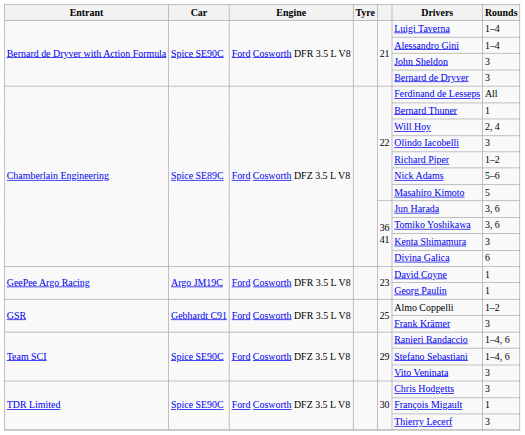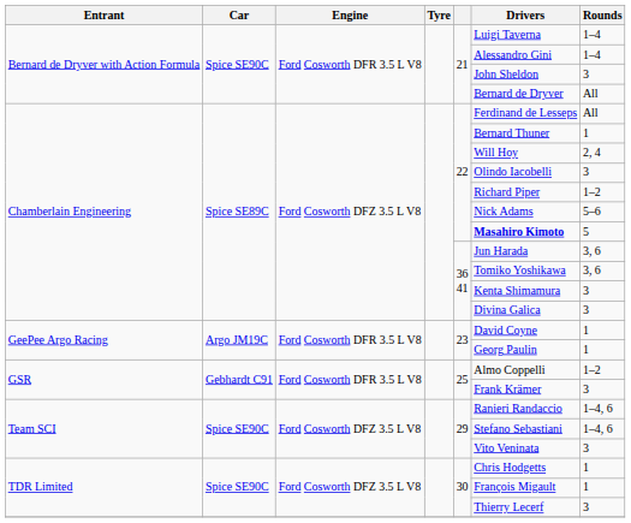 <table class="wikitable" style="font-size: 85%">
 <tr>
 <th>Entrant</th>
 <th>Car</th>
 <th>Engine</th>
 <th>Tyre</th>
 <th></th>
 <th>Drivers</th>
 <th>Rounds</th>
 </tr>
 <tr>
 <td rowspan=4> <a href='#'>Bernard de Dryver with Action Formula</a></td>
 <td rowspan=4><a href='#'>Spice SE90C</a></td>
 <td rowspan=4><a href='#'>Ford</a> <a href='#'>Cosworth</a> DFR 3.5 L V8</td>
 <td rowspan=4></td>
 <td rowspan=4>21</td>
 <td> <a href='#'>Luigi Taverna</a></td>
 <td>1–4</td>
 </tr>
 <tr>
 <td> <a href='#'>Alessandro Gini</a></td>
 <td>1–4</td>
 </tr>
 <tr>
 <td> <a href='#'>John Sheldon</a></td>
 <td>3</td>
 </tr>
 <tr>
 <td> <a href='#'>Bernard de Dryver</a></td>
-<td>3</td>
+<td>All</td>
 </tr>
 <tr>
 <td rowspan=11> <a href='#'>Chamberlain Engineering</a></td>
 <td rowspan=11><a href='#'>Spice SE89C</a></td>
 <td rowspan=11><a href='#'>Ford</a> <a href='#'>Cosworth</a> DFZ 3.5 L V8</td>
 <td rowspan=11></td>
 <td rowspan=7>22</td>
 <td> <a href='#'>Ferdinand de Lesseps</a></td>
 <td>All</td>
 </tr>
 <tr>
 <td> <a href='#'>Bernard Thuner</a></td>
 <td>1</td>
 </tr>
 <tr>
 <td> <a href='#'>Will Hoy</a></td>
 <td>2, 4</td>
 </tr>
 <tr>
 <td> <a href='#'>Olindo Iacobelli</a></td>
 <td>3</td>
 </tr>
 <tr>
 <td> <a href='#'>Richard Piper</a></td>
 <td>1–2</td>
 </tr>
 <tr>
 <td> <a href='#'>Nick Adams</a></td>
 <td>5–6</td>
 </tr>
 <tr>
-<td> <a href='#'>Masahiro Kimoto</a></td>
+<td><strong> <a href='#'>Masahiro Kimoto</a></strong></td>
 <td>5</td>
 </tr>
 <tr>
 <td rowspan=4>36<br>41</td>
 <td> <a href='#'>Jun Harada</a></td>
 <td>3, 6</td>
 </tr>
 <tr>
 <td> <a href='#'>Tomiko Yoshikawa</a></td>
 <td>3, 6</td>
 </tr>
 <tr>
 <td> <a href='#'>Kenta Shimamura</a></td>
 <td>3</td>
 </tr>
 <tr>
 <td> <a href='#'>Divina Galica</a></td>
-<td>6</td>
+<td>3</td>
 </tr>
 <tr>
 <td rowspan=2> <a href='#'>GeePee Argo Racing</a></td>
 <td rowspan=2><a href='#'>Argo JM19C</a></td>
 <td rowspan=2><a href='#'>Ford</a> <a href='#'>Cosworth</a> DFR 3.5 L V8</td>
 <td rowspan=2></td>
 <td rowspan=2>23</td>
 <td> <a href='#'>David Coyne</a></td>
 <td>1</td>
 </tr>
 <tr>
 <td> <a href='#'>Georg Paulin</a></td>
 <td>1</td>
 </tr>
 <tr>
 <td rowspan=2> <a href='#'>GSR</a></td>
 <td rowspan=2><a href='#'>Gebhardt C91</a></td>
 <td rowspan=2><a href='#'>Ford</a> <a href='#'>Cosworth</a> DFR 3.5 L V8</td>
 <td rowspan=2></td>
 <td rowspan=2>25</td>
 <td> Almo Coppelli</td>
 <td>1–2</td>
 </tr>
 <tr>
 <td> <a href='#'>Frank Krämer</a></td>
 <td>3</td>
 </tr>
 <tr>
 <td rowspan=3> <a href='#'>Team SCI</a></td>
 <td rowspan=3><a href='#'>Spice SE90C</a></td>
 <td rowspan=3><a href='#'>Ford</a> <a href='#'>Cosworth</a> DFZ 3.5 L V8</td>
 <td rowspan=3></td>
 <td rowspan=3>29</td>
 <td> <a href='#'>Ranieri Randaccio</a></td>
 <td>1–4, 6</td>
 </tr>
 <tr>
 <td> <a href='#'>Stefano Sebastiani</a></td>
 <td>1–4, 6</td>
 </tr>
 <tr>
 <td> <a href='#'>Vito Veninata</a></td>
 <td>3</td>
 </tr>
 <tr>
 <td rowspan=3> <a href='#'>TDR Limited</a></td>
 <td rowspan=3><a href='#'>Spice SE90C</a></td>
 <td rowspan=3><a href='#'>Ford</a> <a href='#'>Cosworth</a> DFZ 3.5 L V8</td>
 <td rowspan=3></td>
 <td rowspan=3>30</td>
 <td> <a href='#'>Chris Hodgetts</a></td>
-<td>3</td>
+<td>1</td>
 </tr>
 <tr>
 <td> <a href='#'>François Migault</a></td>
 <td>1</td>
 </tr>
 <tr>
 <td> <a href='#'>Thierry Lecerf</a></td>
 <td>3</td>
 </tr>
 <tr>
 </tr>
 </table>
